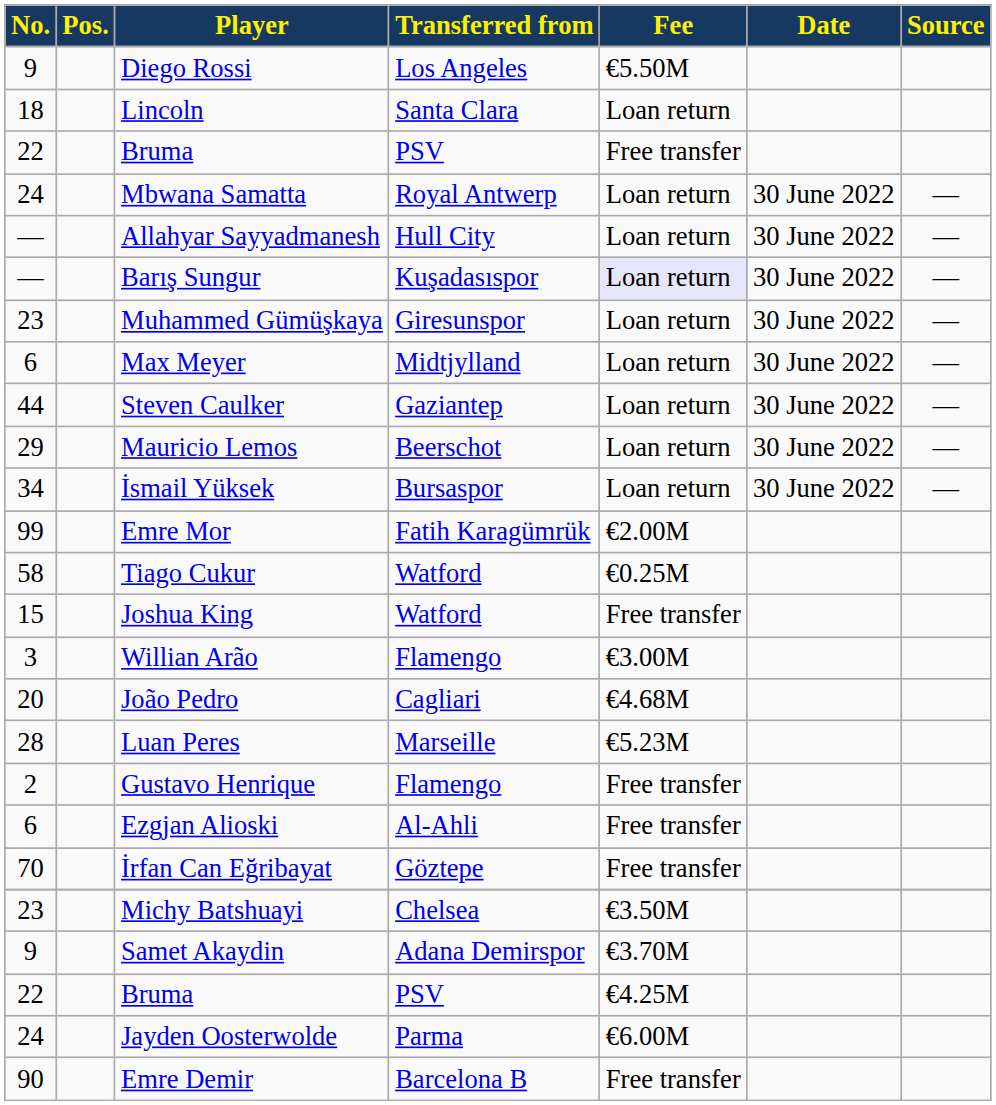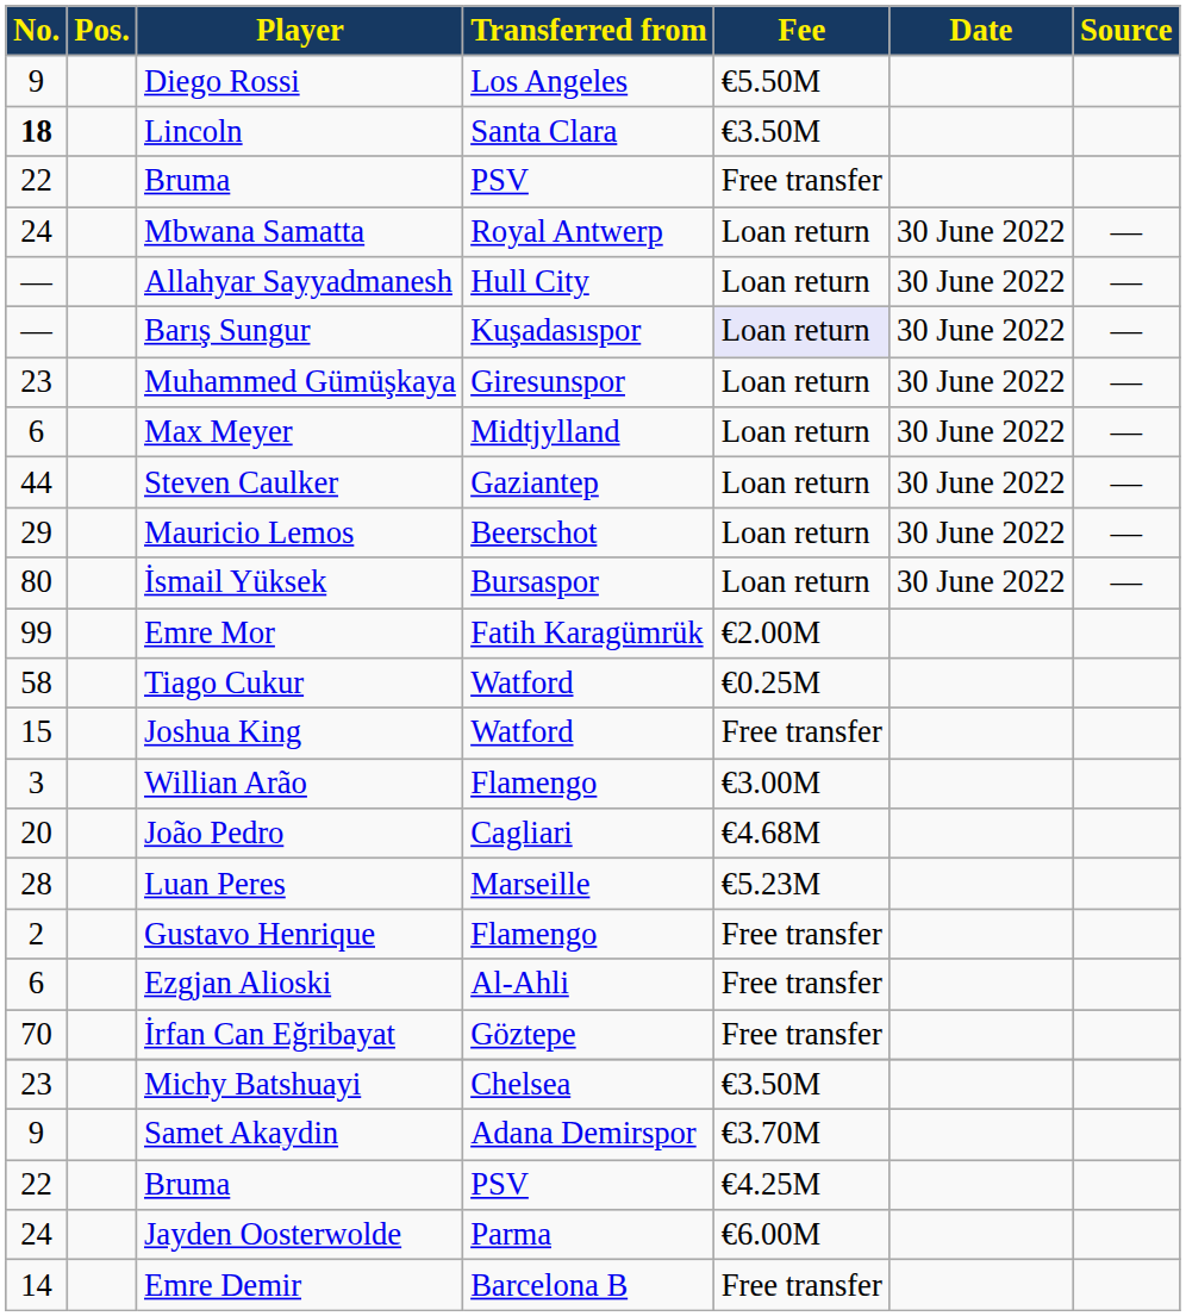 <table class="wikitable plainrowheaders sortable">
 <tr>
 <th style="background:#163962; color:#FFF000; ">No.</th>
 <th style="background:#163962; color:#FFF000; ">Pos.</th>
 <th style="background:#163962; color:#FFF000; ">Player</th>
 <th style="background:#163962; color:#FFF000; ">Transferred from</th>
 <th style="background:#163962; color:#FFF000; ">Fee</th>
 <th style="background:#163962; color:#FFF000; ">Date</th>
 <th style="background:#163962; color:#FFF000; ">Source</th>
 </tr>
 <tr>
 <td align=center>9</td>
 <td align=center></td>
 <td> <a href='#'>Diego Rossi</a></td>
 <td> <a href='#'>Los Angeles</a></td>
 <td>€5.50M</td>
 <td></td>
 <td align=center></td>
 </tr>
 <tr>
-<td align=center>18</td>
+<td align=center><strong>18</strong></td>
 <td align=center></td>
 <td> <a href='#'>Lincoln</a></td>
 <td> <a href='#'>Santa Clara</a></td>
-<td>Loan return</td>
+<td>€3.50M</td>
 <td></td>
 <td align=center></td>
 </tr>
 <tr>
 <td align=center>22</td>
 <td align=center></td>
 <td> <a href='#'>Bruma</a></td>
 <td> <a href='#'>PSV</a></td>
 <td>Free transfer</td>
 <td></td>
 <td align=center></td>
 </tr>
 <tr>
 <td align=center>24</td>
 <td align=center></td>
 <td> <a href='#'>Mbwana Samatta</a></td>
 <td> <a href='#'>Royal Antwerp</a></td>
 <td>Loan return</td>
 <td>30 June 2022</td>
 <td align=center>—</td>
 </tr>
 <tr>
 <td align=center>—</td>
 <td align=center></td>
 <td> <a href='#'>Allahyar Sayyadmanesh</a></td>
 <td> <a href='#'>Hull City</a></td>
 <td>Loan return</td>
 <td>30 June 2022</td>
 <td align=center>—</td>
 </tr>
 <tr>
 <td align=center>—</td>
 <td align=center></td>
 <td> <a href='#'>Barış Sungur</a></td>
 <td> <a href='#'>Kuşadasıspor</a></td>
 <td style="background: lavender;">Loan return</td>
 <td>30 June 2022</td>
 <td align=center>—</td>
 </tr>
 <tr>
 <td align=center>23</td>
 <td align=center></td>
 <td> <a href='#'>Muhammed Gümüşkaya</a></td>
 <td> <a href='#'>Giresunspor</a></td>
 <td>Loan return</td>
 <td>30 June 2022</td>
 <td align=center>—</td>
 </tr>
 <tr>
 <td align=center>6</td>
 <td align=center></td>
 <td> <a href='#'>Max Meyer</a></td>
 <td> <a href='#'>Midtjylland</a></td>
 <td>Loan return</td>
 <td>30 June 2022</td>
 <td align=center>—</td>
 </tr>
 <tr>
 <td align=center>44</td>
 <td align=center></td>
 <td> <a href='#'>Steven Caulker</a></td>
 <td> <a href='#'>Gaziantep</a></td>
 <td>Loan return</td>
 <td>30 June 2022</td>
 <td align=center>—</td>
 </tr>
 <tr>
 <td align=center>29</td>
 <td align=center></td>
 <td> <a href='#'>Mauricio Lemos</a></td>
 <td> <a href='#'>Beerschot</a></td>
 <td>Loan return</td>
 <td>30 June 2022</td>
 <td align=center>—</td>
 </tr>
 <tr>
-<td align=center>34</td>
+<td align=center>80</td>
 <td align=center></td>
 <td> <a href='#'>İsmail Yüksek</a></td>
 <td> <a href='#'>Bursaspor</a></td>
 <td>Loan return</td>
 <td>30 June 2022</td>
 <td align=center>—</td>
 </tr>
 <tr>
 <td align=center>99</td>
 <td align=center></td>
 <td> <a href='#'>Emre Mor</a></td>
 <td> <a href='#'>Fatih Karagümrük</a></td>
 <td>€2.00M</td>
 <td></td>
 <td align=center></td>
 </tr>
 <tr>
 <td align=center>58</td>
 <td align=center></td>
 <td> <a href='#'>Tiago Cukur</a></td>
 <td> <a href='#'>Watford</a></td>
 <td>€0.25M</td>
 <td></td>
 <td align=center></td>
 </tr>
 <tr>
 <td align=center>15</td>
 <td align=center></td>
 <td> <a href='#'>Joshua King</a></td>
 <td> <a href='#'>Watford</a></td>
 <td>Free transfer</td>
 <td></td>
 <td align=center></td>
 </tr>
 <tr>
 <td align=center>3</td>
 <td align=center></td>
 <td> <a href='#'>Willian Arão</a></td>
 <td> <a href='#'>Flamengo</a></td>
 <td>€3.00M</td>
 <td></td>
 <td align=center></td>
 </tr>
 <tr>
 <td align=center>20</td>
 <td align=center></td>
 <td> <a href='#'>João Pedro</a></td>
 <td> <a href='#'>Cagliari</a></td>
 <td>€4.68M</td>
 <td></td>
 <td align=center></td>
 </tr>
 <tr>
 <td align=center>28</td>
 <td align=center></td>
 <td> <a href='#'>Luan Peres</a></td>
 <td> <a href='#'>Marseille</a></td>
 <td>€5.23M</td>
 <td></td>
 <td align=center></td>
 </tr>
 <tr>
 <td align=center>2</td>
 <td align=center></td>
 <td> <a href='#'>Gustavo Henrique</a></td>
 <td> <a href='#'>Flamengo</a></td>
 <td>Free transfer</td>
 <td></td>
 <td align=center></td>
 </tr>
 <tr>
 <td align=center>6</td>
 <td align=center></td>
 <td> <a href='#'>Ezgjan Alioski</a></td>
 <td> <a href='#'>Al-Ahli</a></td>
 <td>Free transfer</td>
 <td></td>
 <td align=center></td>
 </tr>
 <tr>
 <td align=center>70</td>
 <td align=center></td>
 <td> <a href='#'>İrfan Can Eğribayat</a></td>
 <td> <a href='#'>Göztepe</a></td>
 <td>Free transfer</td>
 <td></td>
 <td align=center></td>
 </tr>
 <tr>
 </tr>
 <tr>
 <td align=center>23</td>
 <td align=center></td>
 <td> <a href='#'>Michy Batshuayi</a></td>
 <td> <a href='#'>Chelsea</a></td>
 <td>€3.50M</td>
 <td></td>
 <td align=center></td>
 </tr>
 <tr>
 <td align=center>9</td>
 <td align=center></td>
 <td> <a href='#'>Samet Akaydin</a></td>
 <td> <a href='#'>Adana Demirspor</a></td>
 <td>€3.70M</td>
 <td></td>
 <td align=center></td>
 </tr>
 <tr>
 <td align=center>22</td>
 <td align=center></td>
 <td> <a href='#'>Bruma</a></td>
 <td> <a href='#'>PSV</a></td>
 <td>€4.25M</td>
 <td></td>
 <td align=center></td>
 </tr>
 <tr>
 <td align=center>24</td>
 <td align=center></td>
 <td> <a href='#'>Jayden Oosterwolde</a></td>
 <td> <a href='#'>Parma</a></td>
 <td>€6.00M</td>
 <td></td>
 <td align=center></td>
 </tr>
 <tr>
-<td align=center>90</td>
+<td align=center>14</td>
 <td align=center></td>
 <td> <a href='#'>Emre Demir</a></td>
 <td> <a href='#'>Barcelona B</a></td>
 <td>Free transfer</td>
 <td></td>
 <td align=center></td>
 </tr>
 </table>
